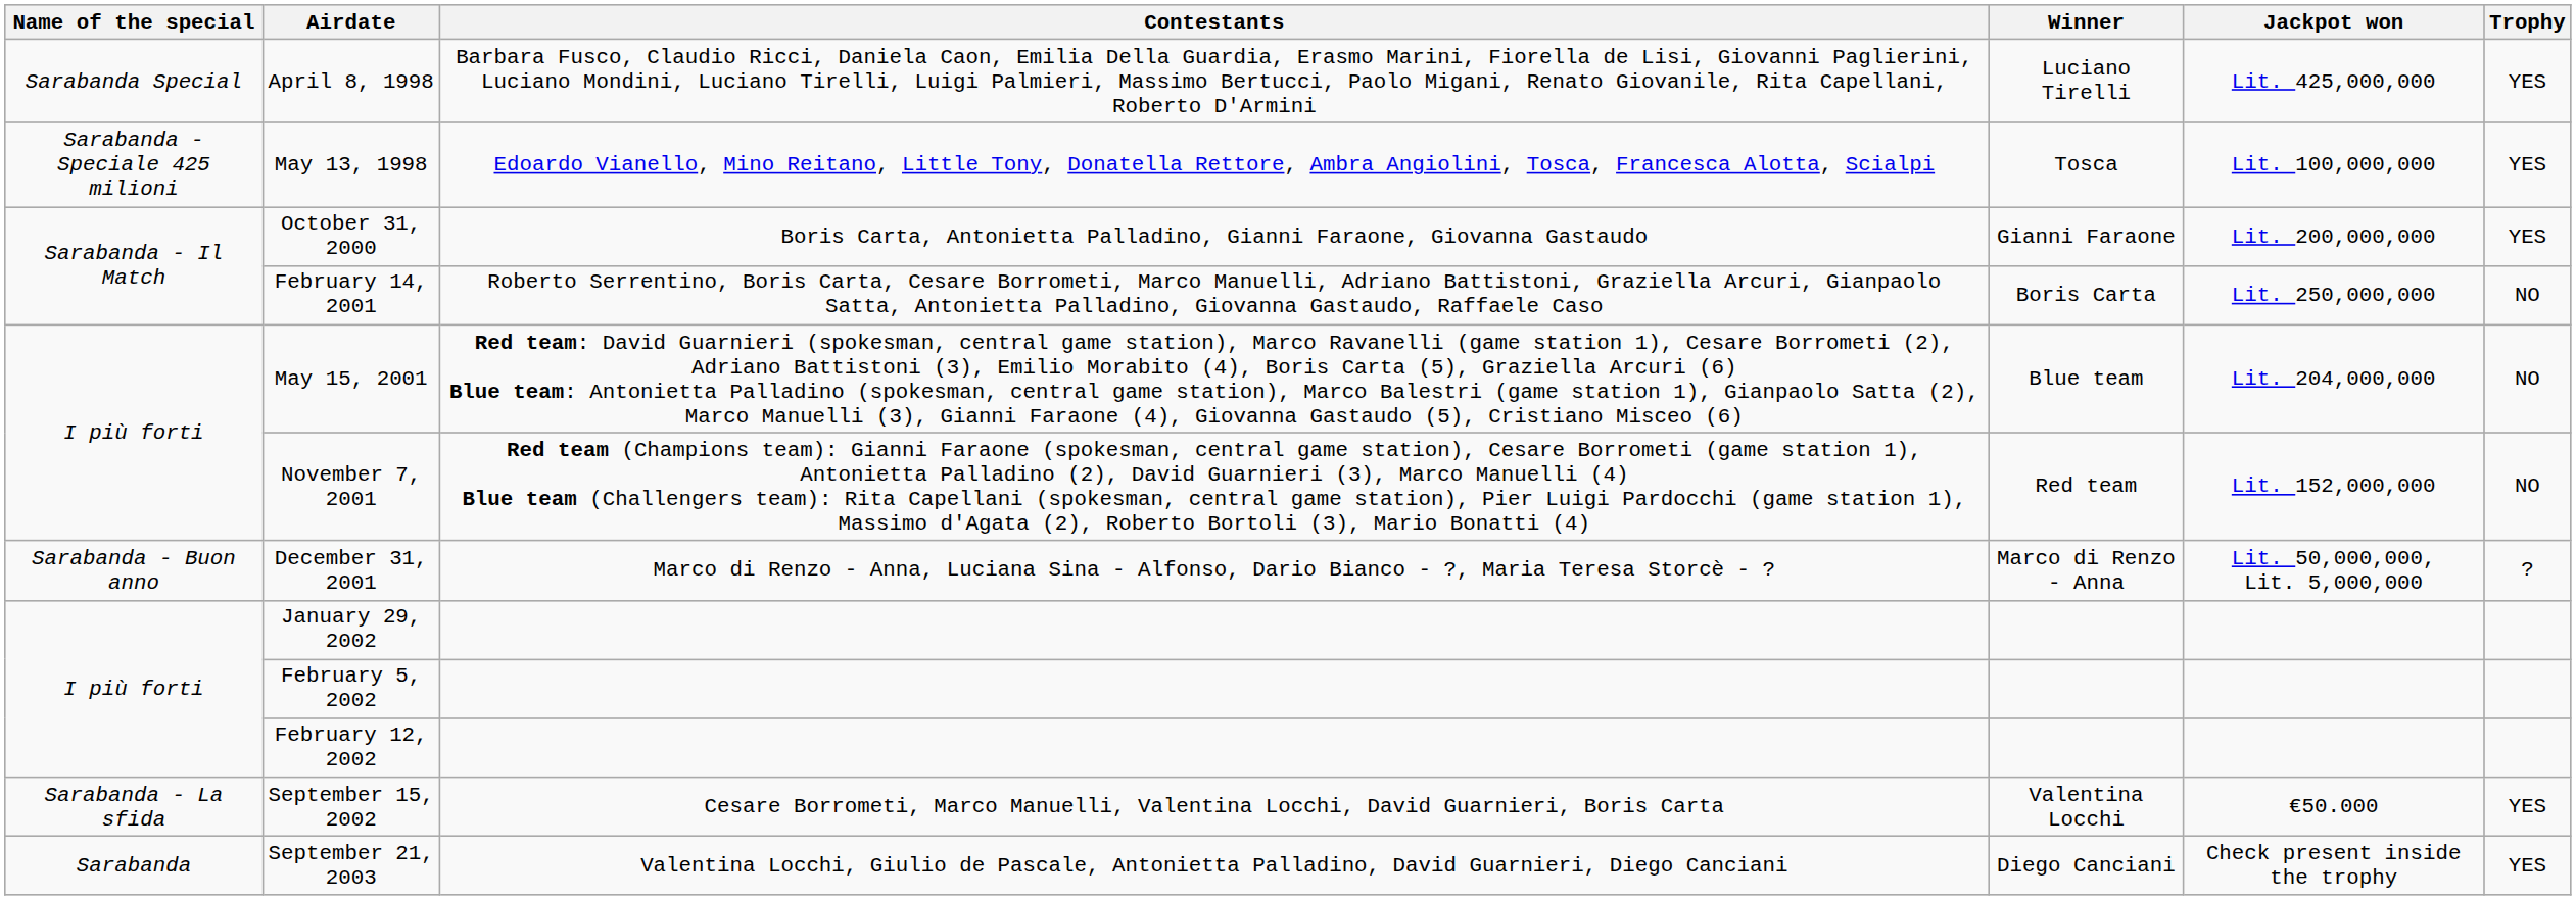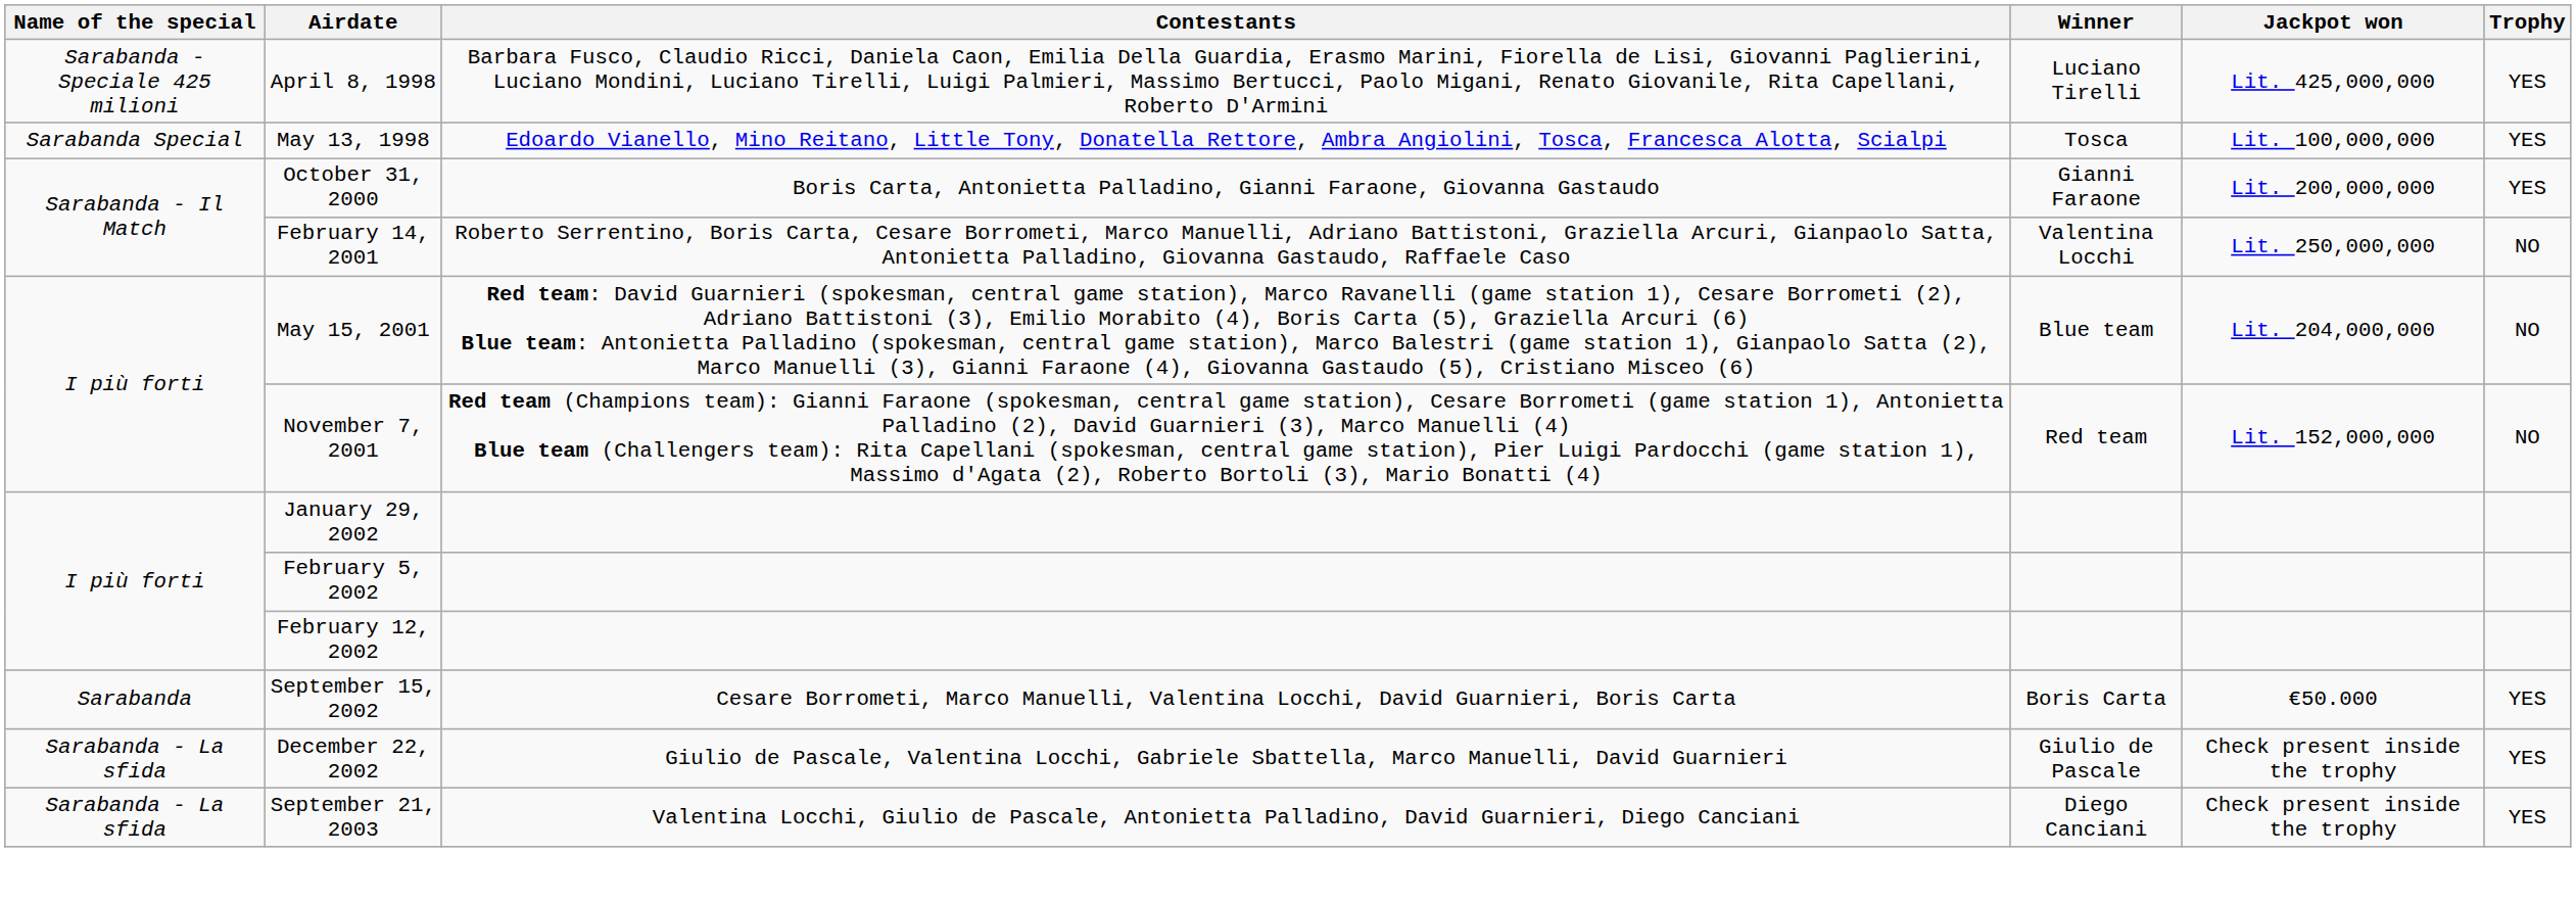 <table class="wikitable" style="text-align:center">
 <tr>
 <th>Name of the special</th>
 <th>Airdate</th>
 <th>Contestants</th>
 <th>Winner</th>
 <th>Jackpot won</th>
 <th>Trophy</th>
 </tr>
 <tr>
-<td><em>Sarabanda Special</em></td>
+<td><em>Sarabanda - Speciale 425 milioni</em></td>
 <td>April 8, 1998</td>
 <td>Barbara Fusco, Claudio Ricci, Daniela Caon, Emilia Della Guardia, Erasmo Marini, Fiorella de Lisi, Giovanni Paglierini, Luciano Mondini, Luciano Tirelli, Luigi Palmieri, Massimo Bertucci, Paolo Migani, Renato Giovanile, Rita Capellani, Roberto D'Armini</td>
 <td>Luciano Tirelli</td>
 <td><a href='#'>Lit. </a>425,000,000</td>
 <td>YES</td>
 </tr>
 <tr>
-<td><em>Sarabanda - Speciale 425 milioni</em></td>
+<td><em>Sarabanda Special</em></td>
 <td>May 13, 1998</td>
 <td><a href='#'>Edoardo Vianello</a>, <a href='#'>Mino Reitano</a>, <a href='#'>Little Tony</a>, <a href='#'>Donatella Rettore</a>, <a href='#'>Ambra Angiolini</a>, <a href='#'>Tosca</a>, <a href='#'>Francesca Alotta</a>, <a href='#'>Scialpi</a></td>
 <td>Tosca</td>
 <td><a href='#'>Lit. </a>100,000,000</td>
 <td>YES</td>
 </tr>
 <tr>
 <td rowspan="2"><em>Sarabanda - Il Match</em></td>
 <td>October 31, 2000</td>
 <td>Boris Carta, Antonietta Palladino, Gianni Faraone, Giovanna Gastaudo</td>
 <td>Gianni Faraone</td>
 <td><a href='#'>Lit. </a>200,000,000</td>
 <td>YES</td>
 </tr>
 <tr>
 <td>February 14, 2001</td>
 <td>Roberto Serrentino, Boris Carta, Cesare Borrometi, Marco Manuelli, Adriano Battistoni, Graziella Arcuri, Gianpaolo Satta, Antonietta Palladino, Giovanna Gastaudo, Raffaele Caso</td>
-<td>Boris Carta</td>
+<td>Valentina Locchi</td>
 <td><a href='#'>Lit. </a>250,000,000</td>
 <td>NO</td>
 </tr>
 <tr>
 <td rowspan="2"><em>I più forti</em></td>
 <td>May 15, 2001</td>
 <td><strong>Red team</strong>: David Guarnieri (spokesman, central game station), Marco Ravanelli (game station 1), Cesare Borrometi (2), Adriano Battistoni (3),  Emilio Morabito (4), Boris Carta (5), Graziella Arcuri (6)<br><strong>Blue team</strong>: Antonietta Palladino (spokesman, central game station),  Marco Balestri (game station 1), Gianpaolo Satta (2), Marco Manuelli (3), Gianni Faraone (4),  Giovanna Gastaudo (5), Cristiano Misceo (6)</td>
 <td>Blue team</td>
 <td><a href='#'>Lit. </a>204,000,000</td>
 <td>NO</td>
 </tr>
 <tr>
 <td>November 7, 2001</td>
 <td><strong>Red team</strong> (Champions team): Gianni Faraone (spokesman, central game station), Cesare Borrometi (game station 1), Antonietta Palladino (2), David Guarnieri (3), Marco Manuelli (4)<br><strong>Blue team</strong> (Challengers team): Rita Capellani (spokesman, central game station), Pier Luigi Pardocchi (game station 1), Massimo d'Agata (2), Roberto Bortoli (3), Mario Bonatti (4)</td>
 <td>Red team</td>
 <td><a href='#'>Lit. </a>152,000,000</td>
 <td>NO</td>
-</tr>
-<tr>
-<td><em>Sarabanda - Buon anno</em></td>
-<td>December 31, 2001</td>
-<td>Marco di Renzo - Anna, Luciana Sina - Alfonso, Dario Bianco - ?, Maria Teresa Storcè - ?</td>
-<td>Marco di Renzo - Anna</td>
-<td><a href='#'>Lit. </a>50,000,000, Lit. 5,000,000</td>
-<td>?</td>
 </tr>
 <tr>
 <td rowspan="3"><em>I più forti</em></td>
 <td>January 29, 2002</td>
 <td></td>
 <td></td>
 <td></td>
 <td></td>
 </tr>
 <tr>
 <td>February 5, 2002</td>
 <td></td>
 <td></td>
 <td></td>
 <td></td>
 </tr>
 <tr>
 <td>February 12, 2002</td>
 <td></td>
 <td></td>
 <td></td>
 <td></td>
 </tr>
 <tr>
-<td><em>Sarabanda - La sfida</em></td>
+<td><em>Sarabanda</em></td>
 <td>September 15, 2002</td>
 <td>Cesare Borrometi, Marco Manuelli, Valentina Locchi, David Guarnieri, Boris Carta</td>
-<td>Valentina Locchi</td>
+<td>Boris Carta</td>
 <td>€50.000</td>
 <td>YES</td>
 </tr>
 <tr>
-<td><em>Sarabanda</em></td>
+<td><em>Sarabanda - La sfida</em></td>
+<td>December 22, 2002</td>
+<td>Giulio de Pascale, Valentina Locchi, Gabriele Sbattella, Marco Manuelli, David Guarnieri</td>
+<td>Giulio de Pascale</td>
+<td>Check present inside the trophy</td>
+<td>YES</td>
+</tr>
+<tr>
+<td><em>Sarabanda - La sfida</em></td>
 <td>September 21, 2003</td>
 <td>Valentina Locchi, Giulio de Pascale, Antonietta Palladino, David Guarnieri, Diego Canciani</td>
 <td>Diego Canciani</td>
 <td>Check present inside the trophy</td>
 <td>YES</td>
 </tr>
 </table>
